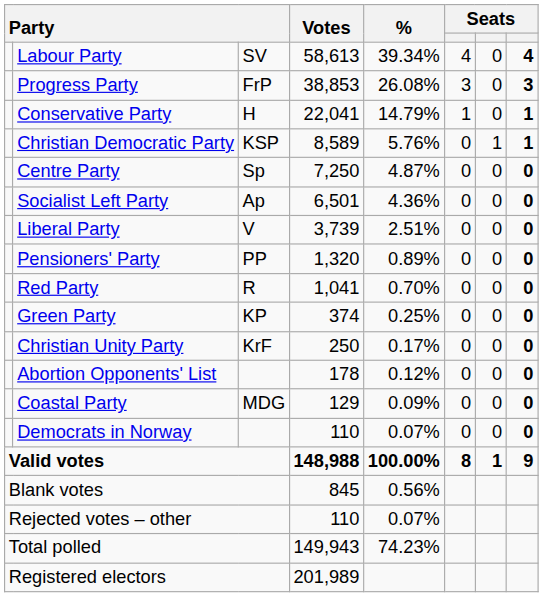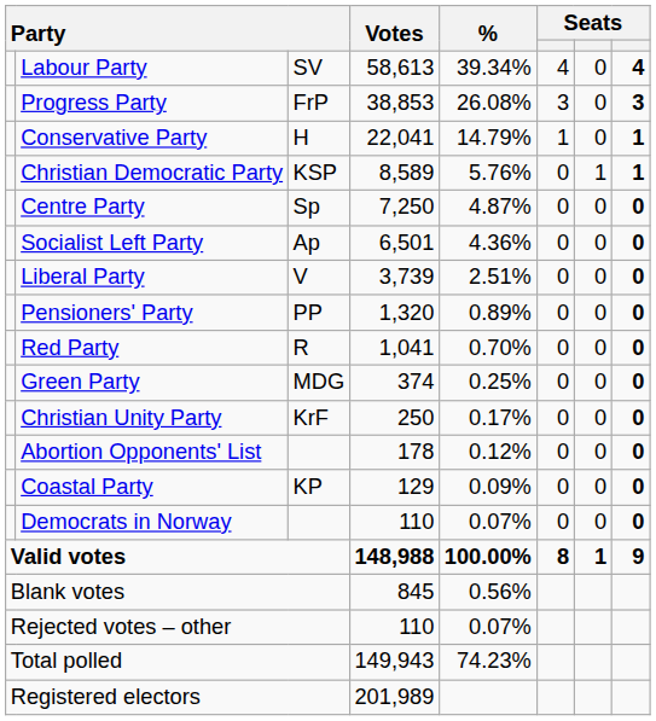 <table class="wikitable" border="1" style="text-align:right;">
 <tr>
 <th style="text-align:left;" valign=bottom rowspan=2 colspan=3>Party</th>
 <th align=center valign=bottom rowspan=2 width="50">Votes</th>
 <th align=center valign=bottom rowspan=2 width="50">%</th>
 <th colspan=3>Seats</th>
 </tr>
 <tr>
 <th align=center valign=bottom width="20"><small></small></th>
 <th align=center valign=bottom width="20"><small><a href='#'></a></small></th>
 <th align=center valign=bottom width="20"><small></small></th>
 </tr>
 <tr>
 <td style="color:inherit;background:"></td>
 <td align=left><a href='#'>Labour Party</a></td>
 <td align=left>SV</td>
 <td>58,613</td>
 <td>39.34%</td>
 <td>4</td>
 <td>0</td>
 <td><strong>4</strong></td>
 </tr>
 <tr>
 <td style="color:inherit;background:"></td>
 <td align=left><a href='#'>Progress Party</a></td>
 <td align=left>FrP</td>
 <td>38,853</td>
 <td>26.08%</td>
 <td>3</td>
 <td>0</td>
 <td><strong>3</strong></td>
 </tr>
 <tr>
 <td style="color:inherit;background:"></td>
 <td align=left><a href='#'>Conservative Party</a></td>
 <td align=left>H</td>
 <td>22,041</td>
 <td>14.79%</td>
 <td>1</td>
 <td>0</td>
 <td><strong>1</strong></td>
 </tr>
 <tr>
 <td style="color:inherit;background:"></td>
 <td align=left><a href='#'>Christian Democratic Party</a></td>
 <td align=left>KSP</td>
 <td>8,589</td>
 <td>5.76%</td>
 <td>0</td>
 <td>1</td>
 <td><strong>1</strong></td>
 </tr>
 <tr>
 <td style="color:inherit;background:"></td>
 <td align=left><a href='#'>Centre Party</a></td>
 <td align=left>Sp</td>
 <td>7,250</td>
 <td>4.87%</td>
 <td>0</td>
 <td>0</td>
 <td><strong>0</strong></td>
 </tr>
 <tr>
 <td style="color:inherit;background:"></td>
 <td align=left><a href='#'>Socialist Left Party</a></td>
 <td align=left>Ap</td>
 <td>6,501</td>
 <td>4.36%</td>
 <td>0</td>
 <td>0</td>
 <td><strong>0</strong></td>
 </tr>
 <tr>
 <td style="color:inherit;background:"></td>
 <td align=left><a href='#'>Liberal Party</a></td>
 <td align=left>V</td>
 <td>3,739</td>
 <td>2.51%</td>
 <td>0</td>
 <td>0</td>
 <td><strong>0</strong></td>
 </tr>
 <tr>
 <td style="color:inherit;background:"></td>
 <td align=left><a href='#'>Pensioners' Party</a></td>
 <td align=left>PP</td>
 <td>1,320</td>
 <td>0.89%</td>
 <td>0</td>
 <td>0</td>
 <td><strong>0</strong></td>
 </tr>
 <tr>
 <td style="color:inherit;background:"></td>
 <td align=left><a href='#'>Red Party</a></td>
 <td align=left>R</td>
 <td>1,041</td>
 <td>0.70%</td>
 <td>0</td>
 <td>0</td>
 <td><strong>0</strong></td>
 </tr>
 <tr>
 <td style="color:inherit;background:"></td>
 <td align=left><a href='#'>Green Party</a></td>
-<td align=left>KP</td>
+<td align=left>MDG</td>
 <td>374</td>
 <td>0.25%</td>
 <td>0</td>
 <td>0</td>
 <td><strong>0</strong></td>
 </tr>
 <tr>
 <td style="color:inherit;background:"></td>
 <td align=left><a href='#'>Christian Unity Party</a></td>
 <td align=left>KrF</td>
 <td>250</td>
 <td>0.17%</td>
 <td>0</td>
 <td>0</td>
 <td><strong>0</strong></td>
 </tr>
 <tr>
 <td></td>
 <td align=left><a href='#'>Abortion Opponents' List</a></td>
 <td align=left></td>
 <td>178</td>
 <td>0.12%</td>
 <td>0</td>
 <td>0</td>
 <td><strong>0</strong></td>
 </tr>
 <tr>
 <td style="color:inherit;background:"></td>
 <td align=left><a href='#'>Coastal Party</a></td>
-<td align=left>MDG</td>
+<td align=left>KP</td>
 <td>129</td>
 <td>0.09%</td>
 <td>0</td>
 <td>0</td>
 <td><strong>0</strong></td>
 </tr>
 <tr>
 <td style="color:inherit;background:"></td>
 <td align=left><a href='#'>Democrats in Norway</a></td>
 <td align=left></td>
 <td>110</td>
 <td>0.07%</td>
 <td>0</td>
 <td>0</td>
 <td><strong>0</strong></td>
 </tr>
 <tr style="font-weight:bold">
 <td align=left colspan=3>Valid votes</td>
 <td>148,988</td>
 <td>100.00%</td>
 <td>8</td>
 <td>1</td>
 <td>9</td>
 </tr>
 <tr>
 <td align=left colspan=3>Blank votes</td>
 <td>845</td>
 <td>0.56%</td>
 <td></td>
 <td></td>
 <td></td>
 </tr>
 <tr>
 <td align=left colspan=3>Rejected votes – other</td>
 <td>110</td>
 <td>0.07%</td>
 <td></td>
 <td></td>
 <td></td>
 </tr>
 <tr>
 <td align=left colspan=3>Total polled</td>
 <td>149,943</td>
 <td>74.23%</td>
 <td></td>
 <td></td>
 <td></td>
 </tr>
 <tr>
 <td align=left colspan=3>Registered electors</td>
 <td>201,989</td>
 <td></td>
 <td></td>
 <td></td>
 <td></td>
 </tr>
 </table>
